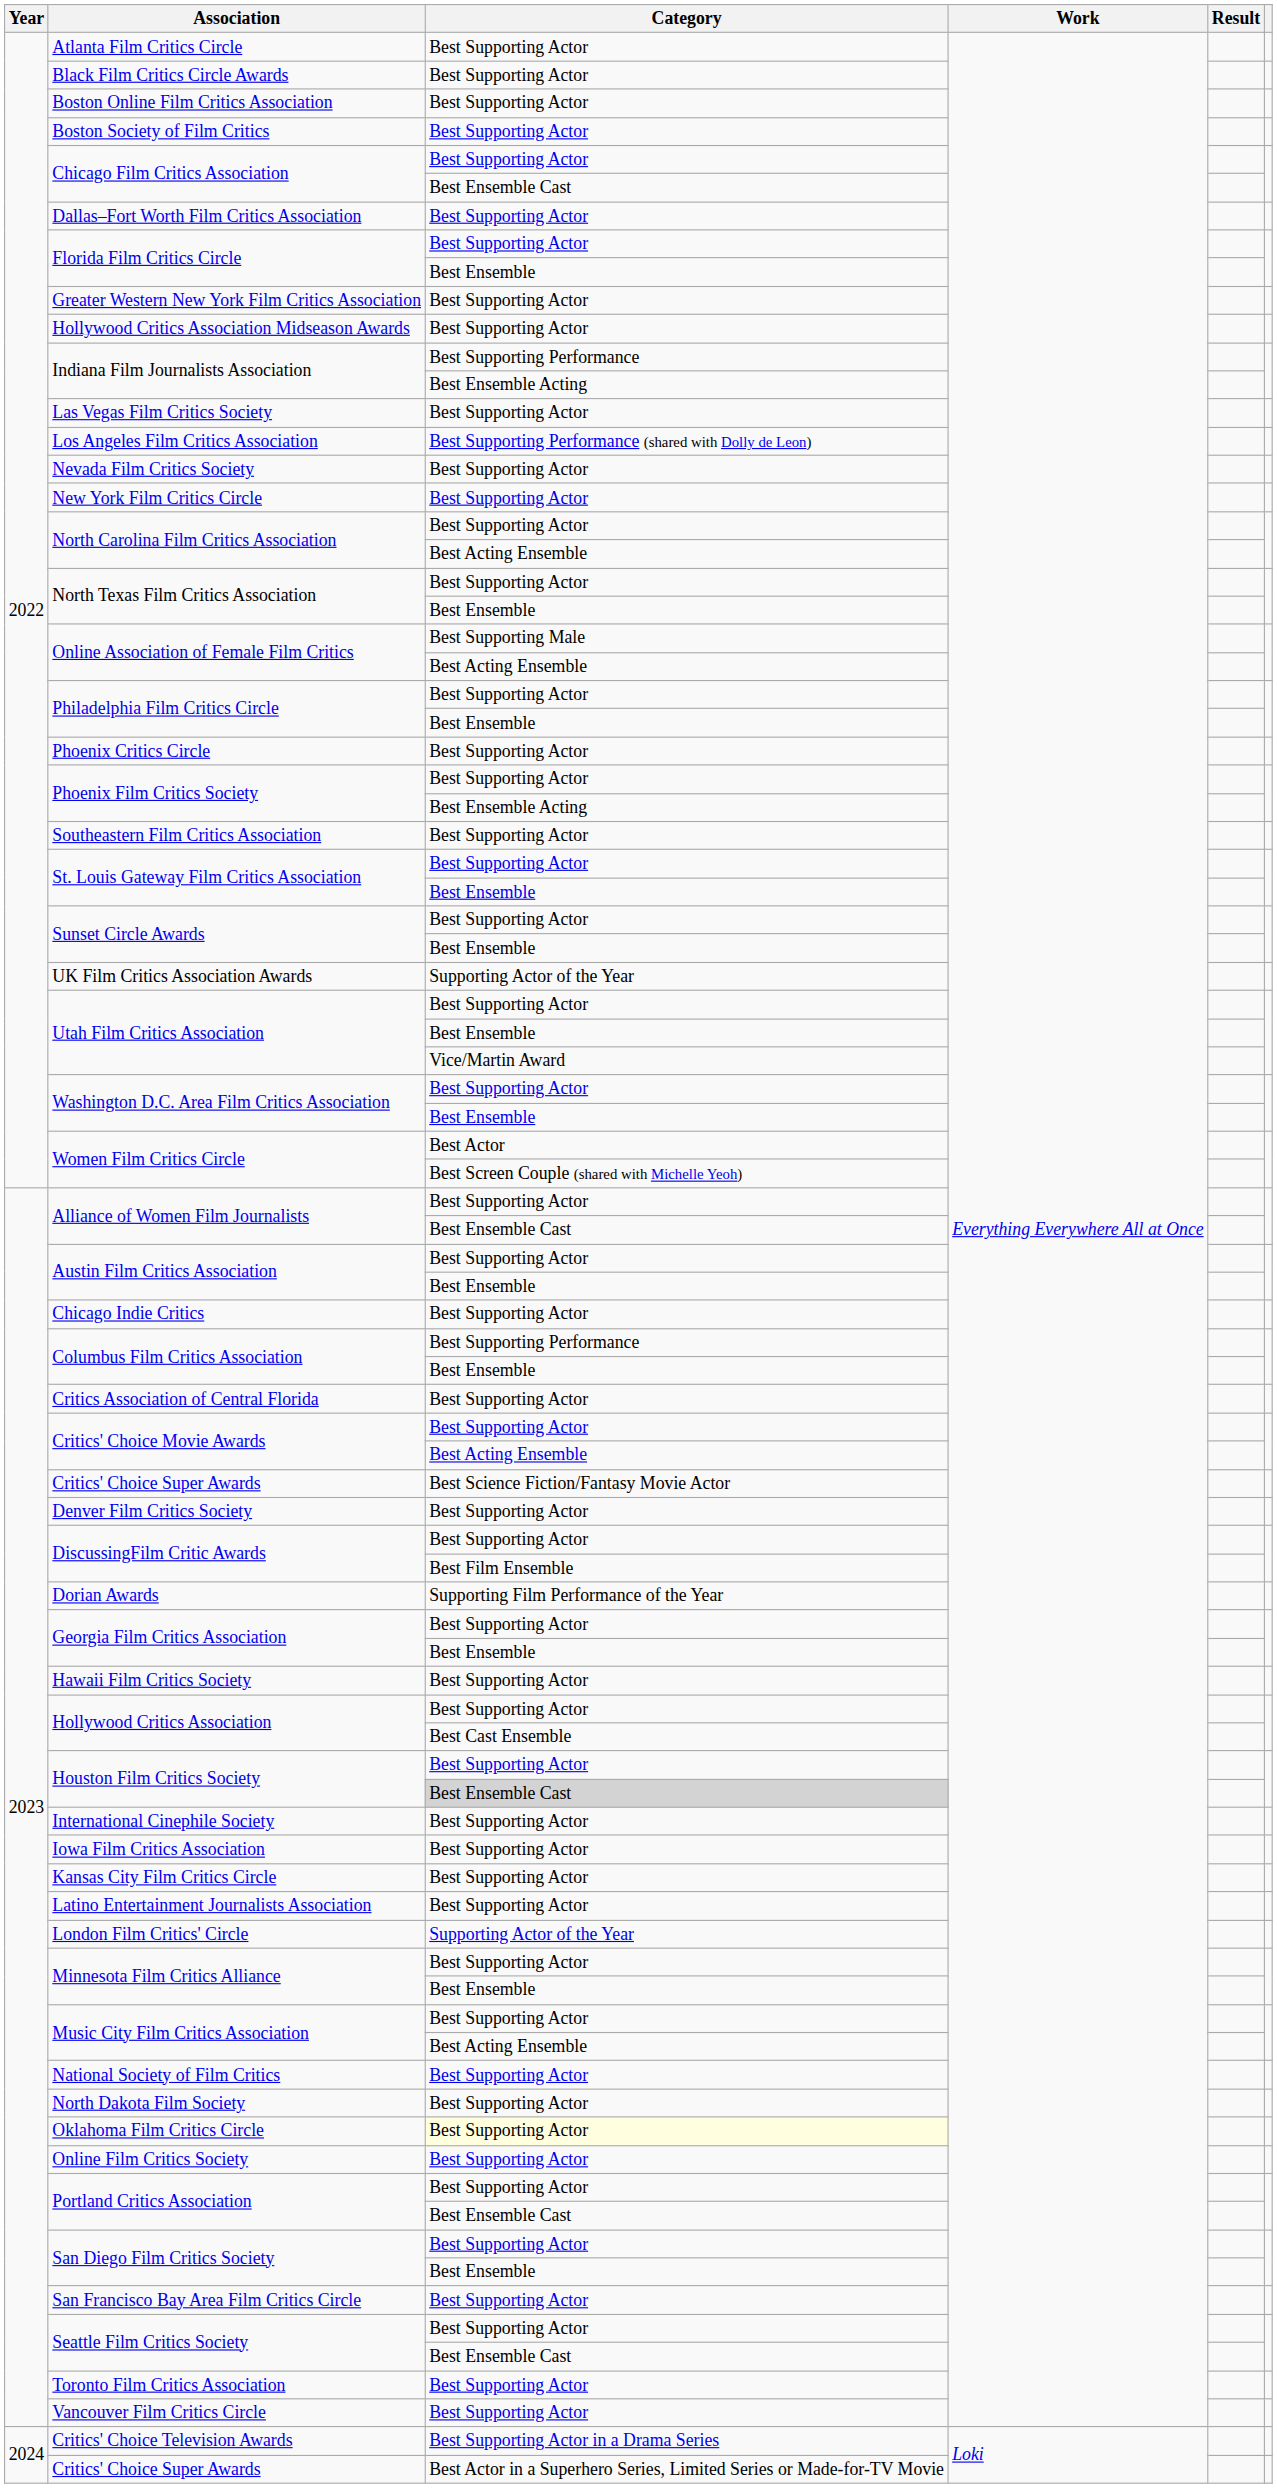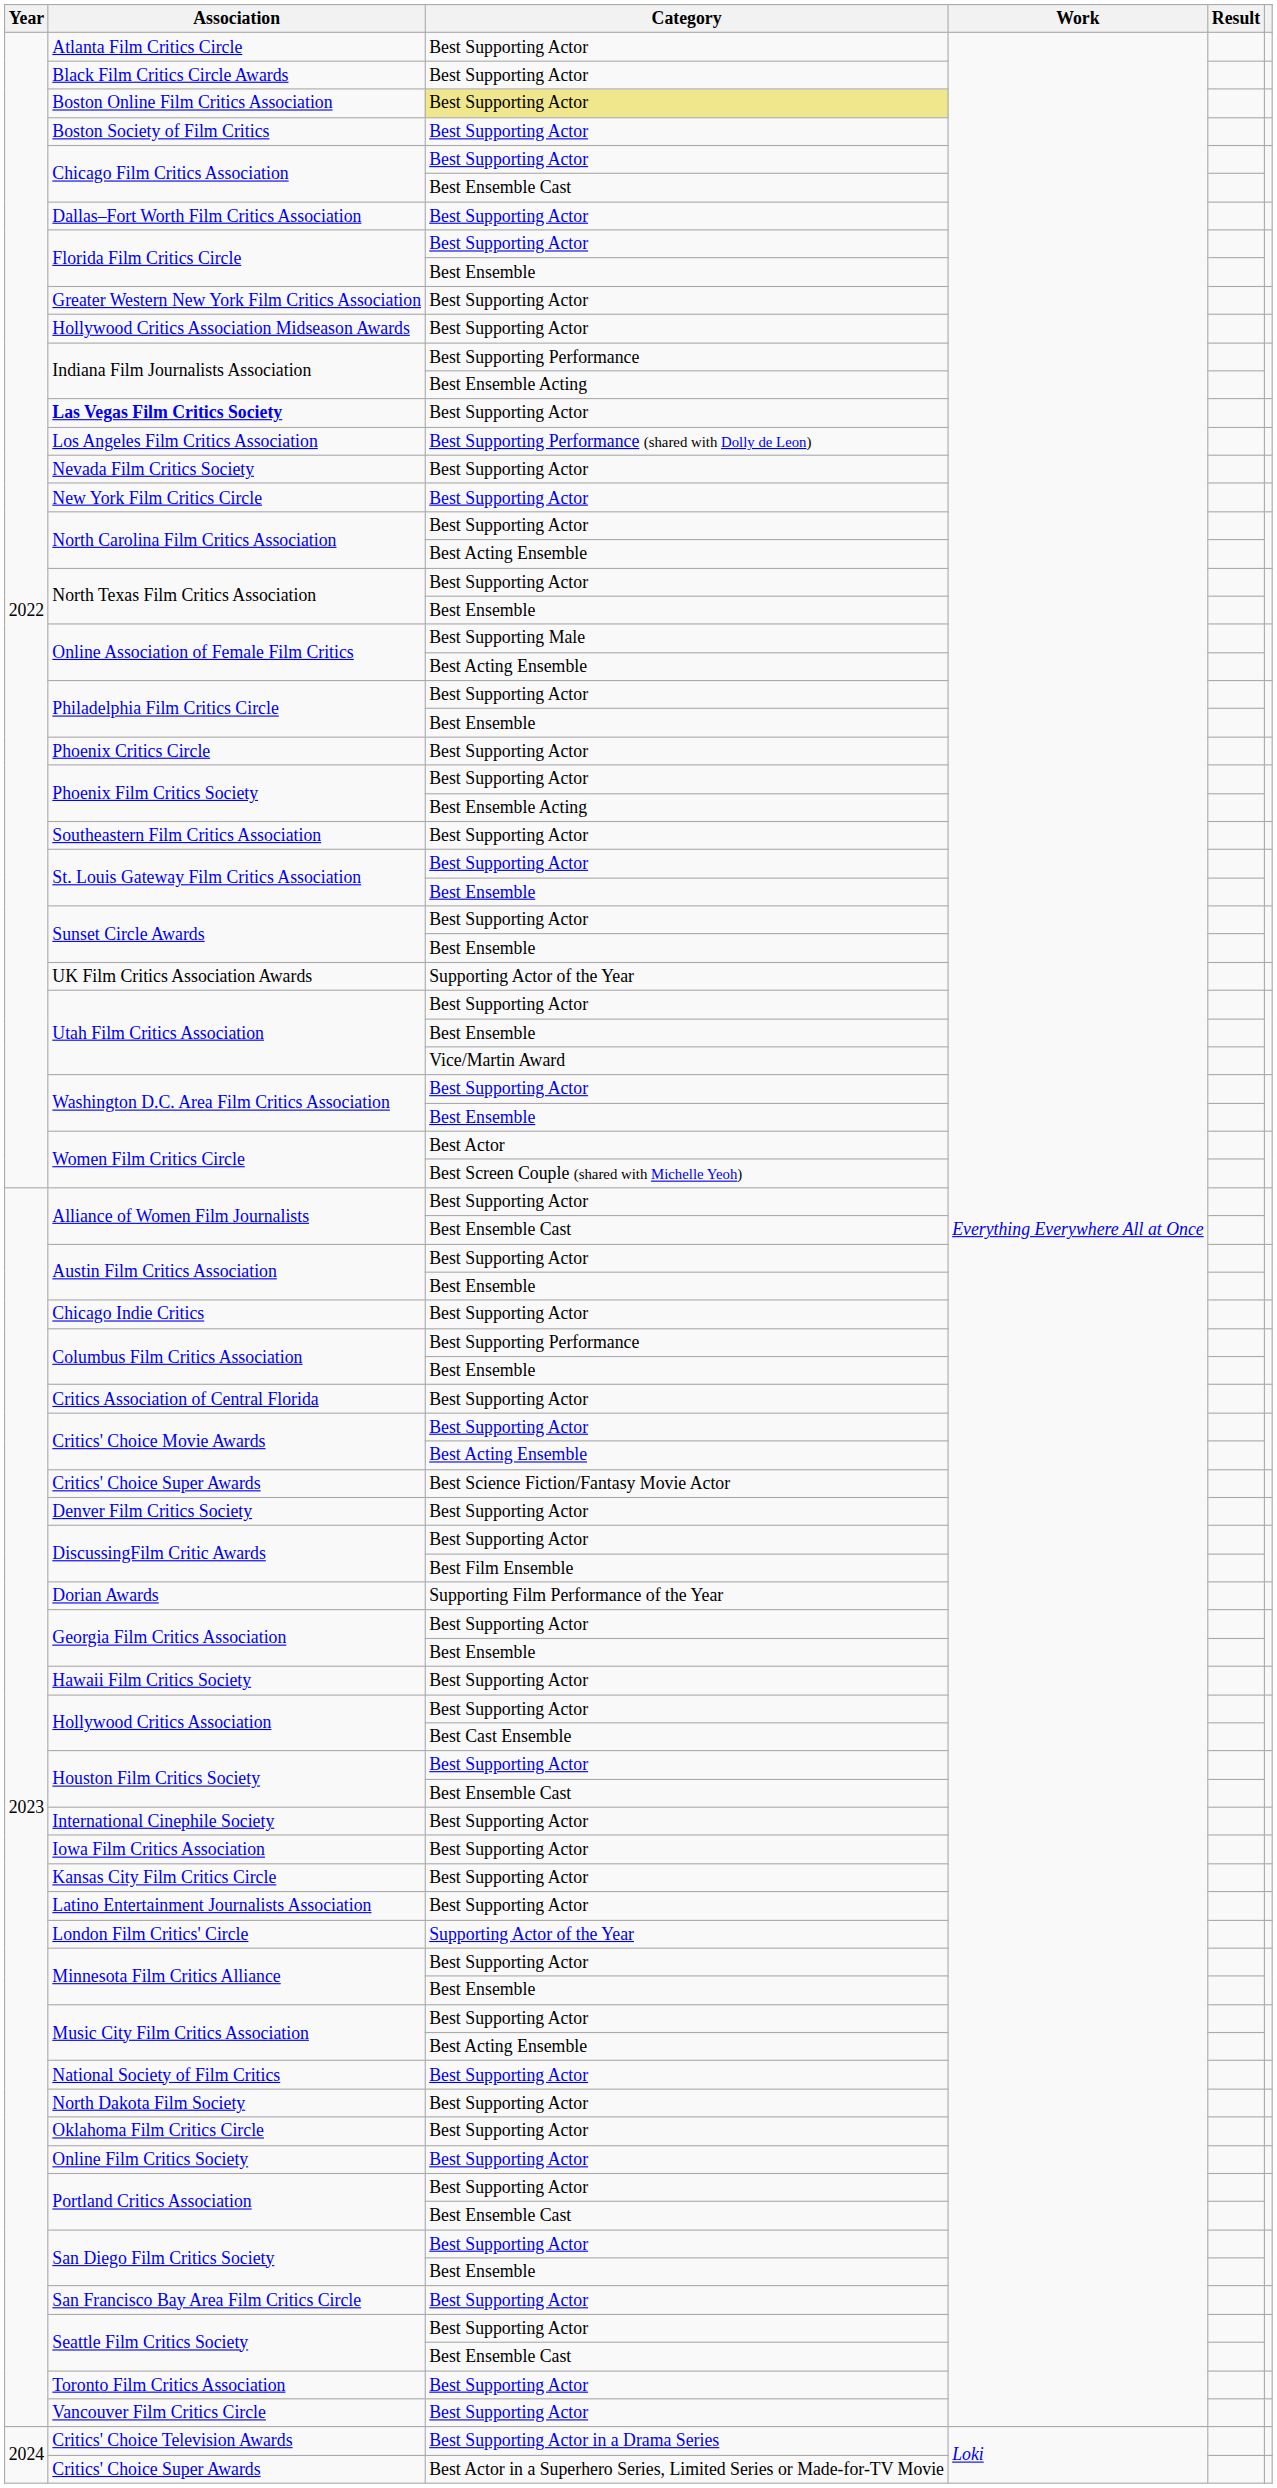 <table class="wikitable sortable">
 <tr>
 <th scope="col">Year</th>
 <th scope="col">Association</th>
 <th scope="col">Category</th>
 <th scope="col">Work</th>
 <th scope="col">Result</th>
 <th scope="col" class="unsortable"></th>
 </tr>
 <tr>
 <td rowspan="41">2022</td>
 <td><a href='#'>Atlanta Film Critics Circle</a></td>
 <td scope="row">Best Supporting Actor</td>
 <td rowspan="85"><em><a href='#'>Everything Everywhere All at Once</a></em></td>
 <td></td>
 <td style="text-align:center;"></td>
 </tr>
 <tr>
 <td><a href='#'>Black Film Critics Circle Awards</a></td>
 <td scope="row">Best Supporting Actor</td>
 <td></td>
 <td style="text-align:center;"></td>
 </tr>
 <tr>
 <td><a href='#'>Boston Online Film Critics Association</a></td>
-<td scope="row">Best Supporting Actor</td>
+<td scope="row" style="background: khaki;">Best Supporting Actor</td>
 <td></td>
 <td style="text-align:center;"></td>
 </tr>
 <tr>
 <td><a href='#'>Boston Society of Film Critics</a></td>
 <td scope="row"><a href='#'>Best Supporting Actor</a></td>
 <td></td>
 <td style="text-align:center;"></td>
 </tr>
 <tr>
 <td rowspan="2"><a href='#'>Chicago Film Critics Association</a></td>
 <td scope="row"><a href='#'>Best Supporting Actor</a></td>
 <td></td>
 <td style="text-align:center;" rowspan="2"></td>
 </tr>
 <tr>
 <td scope="row">Best Ensemble Cast</td>
 <td></td>
 </tr>
 <tr>
 <td><a href='#'>Dallas–Fort Worth Film Critics Association</a></td>
 <td scope="row"><a href='#'>Best Supporting Actor</a></td>
 <td></td>
 <td style="text-align:center;"></td>
 </tr>
 <tr>
 <td rowspan="2"><a href='#'>Florida Film Critics Circle</a></td>
 <td scope="row"><a href='#'>Best Supporting Actor</a></td>
 <td></td>
 <td style="text-align:center;" rowspan="2"></td>
 </tr>
 <tr>
 <td scope="row">Best Ensemble</td>
 <td></td>
 </tr>
 <tr>
 <td><a href='#'>Greater Western New York Film Critics Association</a></td>
 <td scope="row">Best Supporting Actor</td>
 <td></td>
 <td style="text-align:center;"></td>
 </tr>
 <tr>
 <td><a href='#'>Hollywood Critics Association Midseason Awards</a></td>
 <td scope="row">Best Supporting Actor</td>
 <td></td>
 <td style="text-align:center;"></td>
 </tr>
 <tr>
 <td rowspan="2">Indiana Film Journalists Association</td>
 <td scope="row">Best Supporting Performance</td>
 <td></td>
 <td style="text-align:center;" rowspan="2"></td>
 </tr>
 <tr>
 <td scope="row">Best Ensemble Acting</td>
 <td></td>
 </tr>
 <tr>
-<td><a href='#'>Las Vegas Film Critics Society</a></td>
+<td><strong><a href='#'>Las Vegas Film Critics Society</a></strong></td>
 <td scope="row">Best Supporting Actor</td>
 <td></td>
 <td style="text-align:center;"></td>
 </tr>
 <tr>
 <td><a href='#'>Los Angeles Film Critics Association</a></td>
 <td scope="row"><a href='#'>Best Supporting Performance</a> <small>(shared with <a href='#'>Dolly de Leon</a>)</small></td>
 <td></td>
 <td style="text-align:center;"></td>
 </tr>
 <tr>
 <td><a href='#'>Nevada Film Critics Society</a></td>
 <td scope="row">Best Supporting Actor</td>
 <td></td>
 <td style="text-align:center;"></td>
 </tr>
 <tr>
 <td><a href='#'>New York Film Critics Circle</a></td>
 <td scope="row"><a href='#'>Best Supporting Actor</a></td>
 <td></td>
 <td style="text-align:center;"></td>
 </tr>
 <tr>
 <td rowspan="2"><a href='#'>North Carolina Film Critics Association</a></td>
 <td scope="row">Best Supporting Actor</td>
 <td></td>
 <td style="text-align:center;" rowspan="2"></td>
 </tr>
 <tr>
 <td scope="row">Best Acting Ensemble</td>
 <td></td>
 </tr>
 <tr>
 <td rowspan="2">North Texas Film Critics Association</td>
 <td scope="row">Best Supporting Actor</td>
 <td></td>
 <td style="text-align:center;" rowspan="2"></td>
 </tr>
 <tr>
 <td scope="row">Best Ensemble</td>
 <td></td>
 </tr>
 <tr>
 <td rowspan="2"><a href='#'>Online Association of Female Film Critics</a></td>
 <td scope="row">Best Supporting Male</td>
 <td></td>
 <td style="text-align:center;" rowspan="2"></td>
 </tr>
 <tr>
 <td scope="row">Best Acting Ensemble</td>
 <td></td>
 </tr>
 <tr>
 <td rowspan="2"><a href='#'>Philadelphia Film Critics Circle</a></td>
 <td scope="row">Best Supporting Actor</td>
 <td></td>
 <td style="text-align:center;" rowspan="2"></td>
 </tr>
 <tr>
 <td scope="row">Best Ensemble</td>
 <td></td>
 </tr>
 <tr>
 <td><a href='#'>Phoenix Critics Circle</a></td>
 <td scope="row">Best Supporting Actor</td>
 <td></td>
 <td style="text-align:center;"></td>
 </tr>
 <tr>
 <td rowspan="2"><a href='#'>Phoenix Film Critics Society</a></td>
 <td scope="row">Best Supporting Actor</td>
 <td></td>
 <td style="text-align:center;" rowspan="2"></td>
 </tr>
 <tr>
 <td scope="row">Best Ensemble Acting</td>
 <td></td>
 </tr>
 <tr>
 <td><a href='#'>Southeastern Film Critics Association</a></td>
 <td scope="row">Best Supporting Actor</td>
 <td></td>
 <td style="text-align:center;"></td>
 </tr>
 <tr>
 <td rowspan="2"><a href='#'>St. Louis Gateway Film Critics Association</a></td>
 <td scope="row"><a href='#'>Best Supporting Actor</a></td>
 <td></td>
 <td style="text-align:center;" rowspan="2"></td>
 </tr>
 <tr>
 <td scope="row"><a href='#'>Best Ensemble</a></td>
 <td></td>
 </tr>
 <tr>
 <td rowspan="2"><a href='#'>Sunset Circle Awards</a></td>
 <td scope="row">Best Supporting Actor</td>
 <td></td>
 <td style="text-align:center;" rowspan="2"></td>
 </tr>
 <tr>
 <td scope="row">Best Ensemble</td>
 <td></td>
 </tr>
 <tr>
 <td>UK Film Critics Association Awards</td>
 <td scope="row">Supporting Actor of the Year</td>
 <td></td>
 <td style="text-align:center;"></td>
 </tr>
 <tr>
 <td rowspan="3"><a href='#'>Utah Film Critics Association</a></td>
 <td scope="row">Best Supporting Actor</td>
 <td></td>
 <td style="text-align:center;" rowspan="3"></td>
 </tr>
 <tr>
 <td scope="row">Best Ensemble</td>
 <td></td>
 </tr>
 <tr>
 <td scope="row">Vice/Martin Award</td>
 <td></td>
 </tr>
 <tr>
 <td rowspan="2"><a href='#'>Washington D.C. Area Film Critics Association</a></td>
 <td scope="row"><a href='#'>Best Supporting Actor</a></td>
 <td></td>
 <td style="text-align:center;" rowspan="2"></td>
 </tr>
 <tr>
 <td scope="row"><a href='#'>Best Ensemble</a></td>
 <td></td>
 </tr>
 <tr>
 <td rowspan="2"><a href='#'>Women Film Critics Circle</a></td>
 <td scope="row">Best Actor</td>
 <td></td>
 <td style="text-align:center;" rowspan="2"></td>
 </tr>
 <tr>
 <td scope="row">Best Screen Couple <small>(shared with <a href='#'>Michelle Yeoh</a>)</small></td>
 <td></td>
 </tr>
 <tr>
 <td rowspan="44">2023</td>
 <td rowspan="2"><a href='#'>Alliance of Women Film Journalists</a></td>
 <td scope="row">Best Supporting Actor</td>
 <td></td>
 <td style="text-align:center;" rowspan="2"></td>
 </tr>
 <tr>
 <td scope="row">Best Ensemble Cast</td>
 <td></td>
 </tr>
 <tr>
 <td rowspan="2"><a href='#'>Austin Film Critics Association</a></td>
 <td scope="row">Best Supporting Actor</td>
 <td></td>
 <td style="text-align:center;" rowspan="2"></td>
 </tr>
 <tr>
 <td scope="row">Best Ensemble</td>
 <td></td>
 </tr>
 <tr>
 <td><a href='#'>Chicago Indie Critics</a></td>
 <td scope="row">Best Supporting Actor</td>
 <td></td>
 <td style="text-align:center;"></td>
 </tr>
 <tr>
 <td rowspan="2"><a href='#'>Columbus Film Critics Association</a></td>
 <td scope="row">Best Supporting Performance</td>
 <td></td>
 <td style="text-align:center;" rowspan="2"></td>
 </tr>
 <tr>
 <td scope="row">Best Ensemble</td>
 <td></td>
 </tr>
 <tr>
 <td><a href='#'>Critics Association of Central Florida</a></td>
 <td scope="row">Best Supporting Actor</td>
 <td></td>
 <td style="text-align:center;"></td>
 </tr>
 <tr>
 <td rowspan="2"><a href='#'>Critics' Choice Movie Awards</a></td>
 <td scope="row"><a href='#'>Best Supporting Actor</a></td>
 <td></td>
 <td style="text-align:center;" rowspan="2"></td>
 </tr>
 <tr>
 <td scope="row"><a href='#'>Best Acting Ensemble</a></td>
 <td></td>
 </tr>
 <tr>
 <td><a href='#'>Critics' Choice Super Awards</a></td>
 <td scope="row">Best Science Fiction/Fantasy Movie Actor</td>
 <td></td>
 <td style="text-align:center;"></td>
 </tr>
 <tr>
 <td><a href='#'>Denver Film Critics Society</a></td>
 <td scope="row">Best Supporting Actor</td>
 <td></td>
 <td style="text-align:center;"></td>
 </tr>
 <tr>
 <td rowspan="2"><a href='#'>DiscussingFilm Critic Awards</a></td>
 <td scope="row">Best Supporting Actor</td>
 <td></td>
 <td style="text-align:center;" rowspan="2"></td>
 </tr>
 <tr>
 <td scope="row">Best Film Ensemble</td>
 <td></td>
 </tr>
 <tr>
 <td><a href='#'>Dorian Awards</a></td>
 <td scope="row">Supporting Film Performance of the Year</td>
 <td></td>
 <td style="text-align:center;"></td>
 </tr>
 <tr>
 <td rowspan="2"><a href='#'>Georgia Film Critics Association</a></td>
 <td scope="row">Best Supporting Actor</td>
 <td></td>
 <td style="text-align:center;" rowspan="2"></td>
 </tr>
 <tr>
 <td scope="row">Best Ensemble</td>
 <td></td>
 </tr>
 <tr>
 <td><a href='#'>Hawaii Film Critics Society</a></td>
 <td scope="row">Best Supporting Actor</td>
 <td></td>
 <td style="text-align:center;"></td>
 </tr>
 <tr>
 <td rowspan="2"><a href='#'>Hollywood Critics Association</a></td>
 <td scope="row">Best Supporting Actor</td>
 <td></td>
 <td style="text-align:center;" rowspan="2"></td>
 </tr>
 <tr>
 <td scope="row">Best Cast Ensemble</td>
 <td></td>
 </tr>
 <tr>
 <td rowspan="2"><a href='#'>Houston Film Critics Society</a></td>
 <td scope="row"><a href='#'>Best Supporting Actor</a></td>
 <td></td>
 <td style="text-align:center;" rowspan="2"></td>
 </tr>
 <tr>
-<td scope="row" style="background: lightgrey;">Best Ensemble Cast</td>
+<td scope="row">Best Ensemble Cast</td>
 <td></td>
 </tr>
 <tr>
 <td><a href='#'>International Cinephile Society</a></td>
 <td scope="row">Best Supporting Actor</td>
 <td></td>
 <td style="text-align:center;"></td>
 </tr>
 <tr>
 <td><a href='#'>Iowa Film Critics Association</a></td>
 <td scope="row">Best Supporting Actor</td>
 <td></td>
 <td style="text-align:center;"></td>
 </tr>
 <tr>
 <td><a href='#'>Kansas City Film Critics Circle</a></td>
 <td scope="row">Best Supporting Actor</td>
 <td></td>
 <td style="text-align:center;"></td>
 </tr>
 <tr>
 <td><a href='#'>Latino Entertainment Journalists Association</a></td>
 <td scope="row">Best Supporting Actor</td>
 <td></td>
 <td style="text-align:center;"></td>
 </tr>
 <tr>
 <td><a href='#'>London Film Critics' Circle</a></td>
 <td scope="row"><a href='#'>Supporting Actor of the Year</a></td>
 <td></td>
 <td style="text-align:center;"></td>
 </tr>
 <tr>
 <td rowspan="2"><a href='#'>Minnesota Film Critics Alliance</a></td>
 <td>Best Supporting Actor</td>
 <td></td>
 <td style="text-align:center;" rowspan="2"></td>
 </tr>
 <tr>
 <td scope="row">Best Ensemble</td>
 <td></td>
 </tr>
 <tr>
 <td rowspan="2"><a href='#'>Music City Film Critics Association</a></td>
 <td scope="row">Best Supporting Actor</td>
 <td></td>
 <td style="text-align:center;" rowspan="2"></td>
 </tr>
 <tr>
 <td scope="row">Best Acting Ensemble</td>
 <td></td>
 </tr>
 <tr>
 <td><a href='#'>National Society of Film Critics</a></td>
 <td scope="row"><a href='#'>Best Supporting Actor</a></td>
 <td></td>
 <td style="text-align:center;"></td>
 </tr>
 <tr>
 <td><a href='#'>North Dakota Film Society</a></td>
 <td scope="row">Best Supporting Actor</td>
 <td></td>
 <td style="text-align:center;"></td>
 </tr>
 <tr>
 <td><a href='#'>Oklahoma Film Critics Circle</a></td>
-<td scope="row" style="background: lightyellow;">Best Supporting Actor</td>
+<td scope="row">Best Supporting Actor</td>
 <td></td>
 <td style="text-align:center;"></td>
 </tr>
 <tr>
 <td><a href='#'>Online Film Critics Society</a></td>
 <td scope="row"><a href='#'>Best Supporting Actor</a></td>
 <td></td>
 <td style="text-align:center;"></td>
 </tr>
 <tr>
 <td rowspan="2"><a href='#'>Portland Critics Association</a></td>
 <td scope="row">Best Supporting Actor</td>
 <td></td>
 <td style="text-align:center;" rowspan="2"></td>
 </tr>
 <tr>
 <td scope="row">Best Ensemble Cast</td>
 <td></td>
 </tr>
 <tr>
 <td rowspan="2"><a href='#'>San Diego Film Critics Society</a></td>
 <td scope="row"><a href='#'>Best Supporting Actor</a></td>
 <td></td>
 <td style="text-align:center;" rowspan="2"></td>
 </tr>
 <tr>
 <td scope="row">Best Ensemble</td>
 <td></td>
 </tr>
 <tr>
 <td><a href='#'>San Francisco Bay Area Film Critics Circle</a></td>
 <td scope="row"><a href='#'>Best Supporting Actor</a></td>
 <td></td>
 <td style="text-align:center;"></td>
 </tr>
 <tr>
 <td rowspan="2"><a href='#'>Seattle Film Critics Society</a></td>
 <td scope="row">Best Supporting Actor</td>
 <td></td>
 <td style="text-align:center;" rowspan="2"></td>
 </tr>
 <tr>
 <td scope="row">Best Ensemble Cast</td>
 <td></td>
 </tr>
 <tr>
 <td><a href='#'>Toronto Film Critics Association</a></td>
 <td scope="row"><a href='#'>Best Supporting Actor</a></td>
 <td></td>
 <td style="text-align:center;"></td>
 </tr>
 <tr>
 <td><a href='#'>Vancouver Film Critics Circle</a></td>
 <td scope="row"><a href='#'>Best Supporting Actor</a></td>
 <td></td>
 <td style="text-align:center;"></td>
 </tr>
 <tr>
 <td rowspan="2">2024</td>
 <td><a href='#'>Critics' Choice Television Awards</a></td>
 <td scope="row"><a href='#'>Best Supporting Actor in a Drama Series</a></td>
 <td rowspan="2"><em><a href='#'>Loki</a></em></td>
 <td></td>
 <td style="text-align:center;"></td>
 </tr>
 <tr>
 <td><a href='#'>Critics' Choice Super Awards</a></td>
 <td>Best Actor in a Superhero Series, Limited Series or Made-for-TV Movie</td>
 <td></td>
 <td style="text-align:center;"></td>
 </tr>
 </table>
